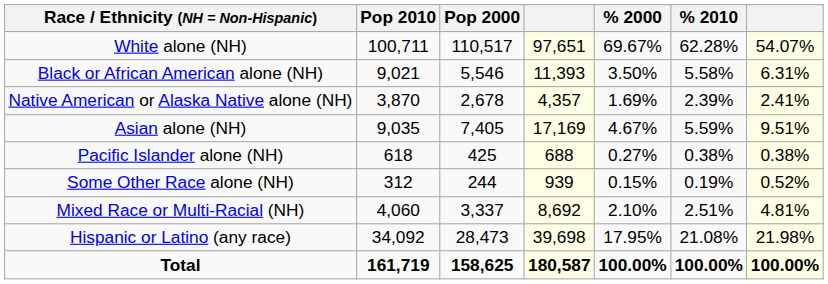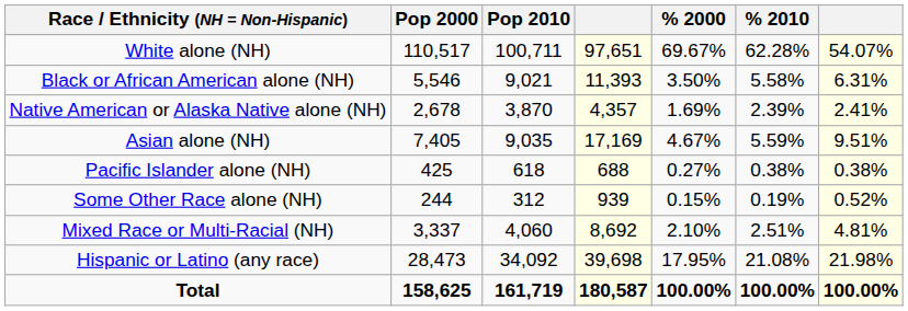 <table class="wikitable" style="text-align:center;">
 <tr>
 <th>Race / Ethnicity <small>(<em>NH = Non-Hispanic</em>)</small></th>
+<th>Pop 2000</th>
 <th>Pop 2010</th>
-<th>Pop 2000</th>
 <th></th>
 <th>% 2000</th>
 <th>% 2010</th>
 <th></th>
 </tr>
 <tr>
 <td><a href='#'>White</a> alone (NH)</td>
+<td>110,517</td>
 <td>100,711</td>
-<td>110,517</td>
 <td style='background: #ffffe6;'>97,651</td>
 <td>69.67%</td>
 <td>62.28%</td>
 <td style='background: #ffffe6;'>54.07%</td>
 </tr>
 <tr>
 <td><a href='#'>Black or African American</a> alone (NH)</td>
+<td>5,546</td>
 <td>9,021</td>
-<td>5,546</td>
 <td style='background: #ffffe6;'>11,393</td>
 <td>3.50%</td>
 <td>5.58%</td>
 <td style='background: #ffffe6;'>6.31%</td>
 </tr>
 <tr>
 <td><a href='#'>Native American</a> or <a href='#'>Alaska Native</a> alone (NH)</td>
+<td>2,678</td>
 <td>3,870</td>
-<td>2,678</td>
 <td style='background: #ffffe6;'>4,357</td>
 <td>1.69%</td>
 <td>2.39%</td>
 <td style='background: #ffffe6;'>2.41%</td>
 </tr>
 <tr>
 <td><a href='#'>Asian</a> alone (NH)</td>
+<td>7,405</td>
 <td>9,035</td>
-<td>7,405</td>
 <td style='background: #ffffe6;'>17,169</td>
 <td>4.67%</td>
 <td>5.59%</td>
 <td style='background: #ffffe6;'>9.51%</td>
 </tr>
 <tr>
 <td><a href='#'>Pacific Islander</a> alone (NH)</td>
+<td>425</td>
 <td>618</td>
-<td>425</td>
 <td style='background: #ffffe6;'>688</td>
 <td>0.27%</td>
 <td>0.38%</td>
 <td style='background: #ffffe6;'>0.38%</td>
 </tr>
 <tr>
 <td><a href='#'>Some Other Race</a> alone (NH)</td>
+<td>244</td>
 <td>312</td>
-<td>244</td>
 <td style='background: #ffffe6;'>939</td>
 <td>0.15%</td>
 <td>0.19%</td>
 <td style='background: #ffffe6;'>0.52%</td>
 </tr>
 <tr>
 <td><a href='#'>Mixed Race or Multi-Racial</a> (NH)</td>
+<td>3,337</td>
 <td>4,060</td>
-<td>3,337</td>
 <td style='background: #ffffe6;'>8,692</td>
 <td>2.10%</td>
 <td>2.51%</td>
 <td style='background: #ffffe6;'>4.81%</td>
 </tr>
 <tr>
 <td><a href='#'>Hispanic or Latino</a> (any race)</td>
+<td>28,473</td>
 <td>34,092</td>
-<td>28,473</td>
 <td style='background: #ffffe6;'>39,698</td>
 <td>17.95%</td>
 <td>21.08%</td>
 <td style='background: #ffffe6;'>21.98%</td>
 </tr>
 <tr>
 <td><strong>Total</strong></td>
+<td><strong>158,625</strong></td>
 <td><strong>161,719</strong></td>
-<td><strong>158,625</strong></td>
 <td style='background: #ffffe6;'><strong>180,587</strong></td>
 <td><strong>100.00%</strong></td>
 <td><strong>100.00%</strong></td>
 <td style='background: #ffffe6;'><strong>100.00%</strong></td>
 </tr>
 </table>
